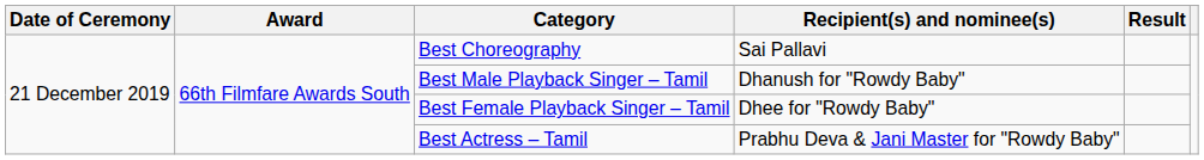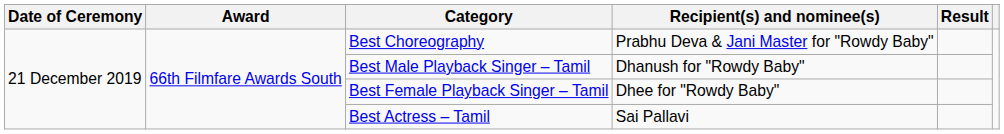 <table class="wikitable unsortable">
 <tr>
 <th>Date of Ceremony</th>
 <th>Award</th>
 <th>Category</th>
 <th>Recipient(s) and nominee(s)</th>
 <th>Result</th>
 <th></th>
 </tr>
 <tr>
 <td rowspan="4">21 December 2019</td>
 <td rowspan="4"><a href='#'>66th Filmfare Awards South</a></td>
 <td><a href='#'>Best Choreography</a></td>
-<td>Sai Pallavi</td>
+<td>Prabhu Deva & <a href='#'>Jani Master</a> for "Rowdy Baby"</td>
 <td></td>
 <td rowspan="4" style="text-align: center;"><br></td>
 </tr>
 <tr>
 <td><a href='#'>Best Male Playback Singer – Tamil</a></td>
 <td>Dhanush for "Rowdy Baby"</td>
 <td></td>
 </tr>
 <tr>
 <td><a href='#'>Best Female Playback Singer – Tamil</a></td>
 <td>Dhee for "Rowdy Baby"</td>
 <td></td>
 </tr>
 <tr>
 <td><a href='#'>Best Actress – Tamil</a></td>
-<td>Prabhu Deva & <a href='#'>Jani Master</a> for "Rowdy Baby"</td>
+<td>Sai Pallavi</td>
 <td></td>
 </tr>
 </table>
